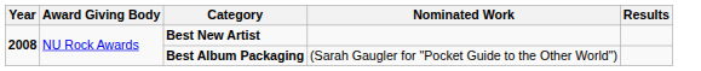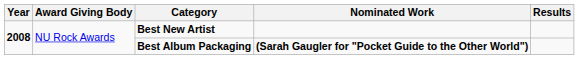 <table class="wikitable">
 <tr>
 <th>Year</th>
 <th>Award Giving Body</th>
 <th>Category</th>
 <th>Nominated Work</th>
 <th>Results</th>
 </tr>
 <tr>
 <td rowspan=2><strong>2008</strong></td>
 <td rowspan=2><a href='#'>NU Rock Awards</a></td>
 <td><strong>Best New Artist</strong></td>
 <td></td>
 <td></td>
 </tr>
 <tr>
 <td><strong>Best Album Packaging</strong></td>
-<td>(Sarah Gaugler for "Pocket Guide to the Other World")</td>
+<td><strong>(Sarah Gaugler for "Pocket Guide to the Other World")</strong></td>
 <td></td>
 </tr>
 </table>
